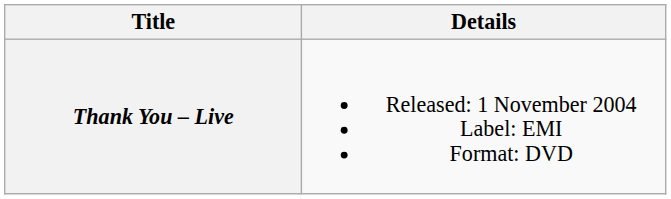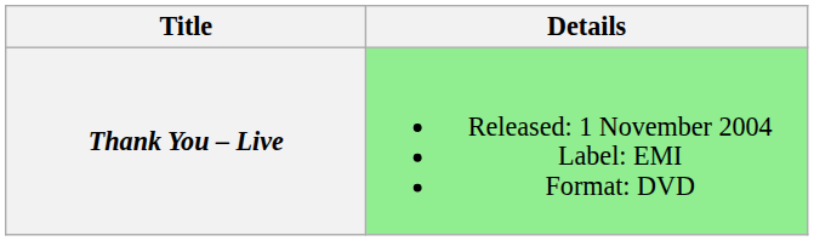 <table class="wikitable plainrowheaders" style="text-align:center;">
 <tr>
 <th scope="col" style="width:13em;">Title</th>
 <th scope="col" style="width:16em;">Details</th>
 </tr>
 <tr>
 <th scope="row"><em>Thank You – Live</em></th>
-<td><br><ul><li>Released: 1 November 2004</li><li>Label: EMI</li><li>Format: DVD</li></ul></td>
+<td style="background: lightgreen;"><br><ul><li>Released: 1 November 2004</li><li>Label: EMI</li><li>Format: DVD</li></ul></td>
 </tr>
 </table>
